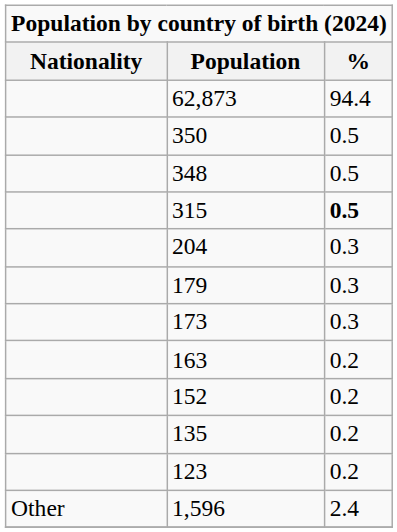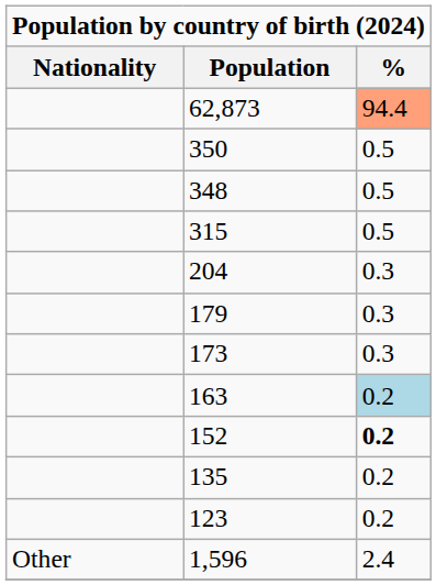 <table class="wikitable" style="float:right;">
 <tr>
 <td colspan="3"><strong>Population by country of birth (2024)</strong></td>
 </tr>
 <tr \>
 <th>Nationality</th>
 <th>Population</th>
 <th>%</th>
 </tr>
 <tr>
 <td></td>
 <td>62,873</td>
-<td>94.4</td>
+<td style="background: lightsalmon;">94.4</td>
 </tr>
 <tr>
 <td></td>
 <td>350</td>
 <td>0.5</td>
 </tr>
 <tr>
 <td></td>
 <td>348</td>
 <td>0.5</td>
 </tr>
 <tr>
 <td></td>
 <td>315</td>
-<td><strong>0.5</strong></td>
+<td>0.5</td>
 </tr>
 <tr>
 <td></td>
 <td>204</td>
 <td>0.3</td>
 </tr>
 <tr>
 <td></td>
 <td>179</td>
 <td>0.3</td>
 </tr>
 <tr>
 <td></td>
 <td>173</td>
 <td>0.3</td>
 </tr>
 <tr>
 <td></td>
 <td>163</td>
-<td>0.2</td>
+<td style="background: lightblue;">0.2</td>
 </tr>
 <tr>
 <td></td>
 <td>152</td>
-<td>0.2</td>
+<td><strong>0.2</strong></td>
 </tr>
 <tr>
 <td></td>
 <td>135</td>
 <td>0.2</td>
 </tr>
 <tr>
 <td></td>
 <td>123</td>
 <td>0.2</td>
 </tr>
 <tr>
 <td>Other</td>
 <td>1,596</td>
 <td>2.4</td>
 </tr>
 <tr>
 </tr>
 </table>
